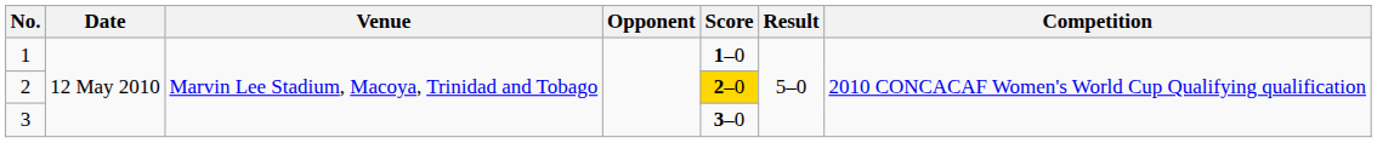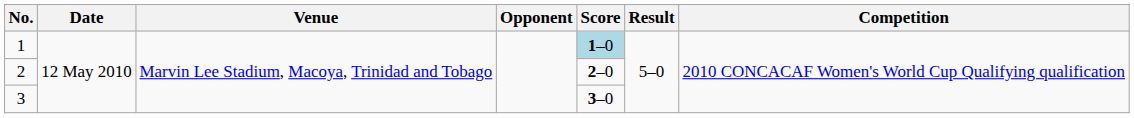 <table class="wikitable">
 <tr>
 <th>No.</th>
 <th>Date</th>
 <th>Venue</th>
 <th>Opponent</th>
 <th>Score</th>
 <th>Result</th>
 <th>Competition</th>
 </tr>
 <tr>
 <td style="text-align:center;">1</td>
 <td rowspan=3>12 May 2010</td>
 <td rowspan=3><a href='#'>Marvin Lee Stadium</a>, <a href='#'>Macoya</a>, <a href='#'>Trinidad and Tobago</a></td>
 <td rowspan=3></td>
-<td style="text-align:center;"><strong>1</strong>–0</td>
+<td style="background: lightblue; text-align:center;"><strong>1</strong>–0</td>
 <td rowspan=3 style="text-align:center;">5–0</td>
 <td rowspan=3><a href='#'>2010 CONCACAF Women's World Cup Qualifying qualification</a></td>
 </tr>
 <tr style="text-align:center;">
 <td>2</td>
-<td style="background: gold;"><strong>2</strong>–0</td>
+<td><strong>2</strong>–0</td>
 </tr>
 <tr style="text-align:center;">
 <td>3</td>
 <td><strong>3</strong>–0</td>
 </tr>
 </table>
